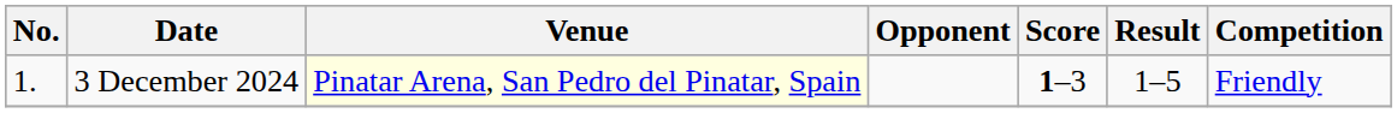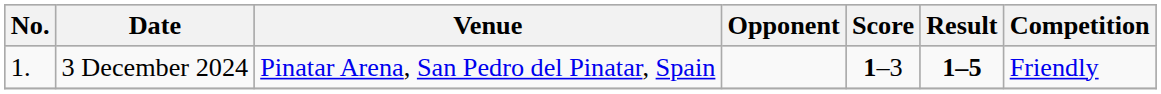 <table class="wikitable">
 <tr>
 <th>No.</th>
 <th>Date</th>
 <th>Venue</th>
 <th>Opponent</th>
 <th>Score</th>
 <th>Result</th>
 <th>Competition</th>
 </tr>
 <tr>
 <td>1.</td>
 <td>3 December 2024</td>
-<td style="background: lightyellow;"><a href='#'>Pinatar Arena</a>, <a href='#'>San Pedro del Pinatar</a>, <a href='#'>Spain</a></td>
+<td><a href='#'>Pinatar Arena</a>, <a href='#'>San Pedro del Pinatar</a>, <a href='#'>Spain</a></td>
 <td></td>
 <td align=center><strong>1</strong>–3</td>
-<td align=center>1–5</td>
+<td align=center><strong>1–5</strong></td>
 <td><a href='#'>Friendly</a></td>
 </tr>
 <tr>
 </tr>
 </table>
